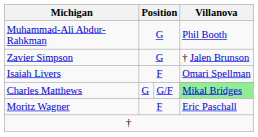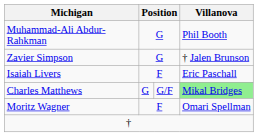 <table class="wikitable">
 <tr>
 <th style="width:200px;">Michigan</th>
 <th colspan="2">Position</th>
 <th>Villanova</th>
 </tr>
 <tr>
 <td><a href='#'>Muhammad-Ali Abdur-Rahkman</a></td>
 <td colspan="2" style="text-align:center"><a href='#'>G</a></td>
 <td><a href='#'>Phil Booth</a></td>
 </tr>
 <tr>
 <td><a href='#'>Zavier Simpson</a></td>
 <td colspan="2" style="text-align:center"><a href='#'>G</a></td>
 <td>† <a href='#'>Jalen Brunson</a></td>
 </tr>
 <tr>
 <td><a href='#'>Isaiah Livers</a></td>
 <td colspan="2" style="text-align:center"><a href='#'>F</a></td>
-<td><a href='#'>Omari Spellman</a></td>
+<td><a href='#'>Eric Paschall</a></td>
 </tr>
 <tr>
 <td><a href='#'>Charles Matthews</a></td>
 <td><a href='#'>G</a></td>
 <td><a href='#'>G/F</a></td>
 <td style="background: lightgreen;"><a href='#'>Mikal Bridges</a></td>
 </tr>
 <tr>
 <td><a href='#'>Moritz Wagner</a></td>
 <td colspan="2" style="text-align:center"><a href='#'>F</a></td>
-<td><a href='#'>Eric Paschall</a></td>
+<td><a href='#'>Omari Spellman</a></td>
 </tr>
 <tr>
 <td colspan="5" align=center>† </td>
 </tr>
 </table>
